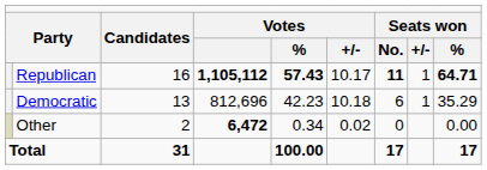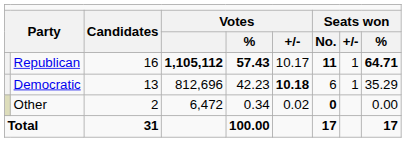 <table class="wikitable">
 <tr>
 <td colspan="12" align="center"></td>
 </tr>
 <tr>
 <th rowspan="2" colspan="2">Party</th>
 <th rowspan="2">Candidates</th>
 <th colspan="3">Votes</th>
 <th colspan="3">Seats won</th>
 </tr>
 <tr>
 <th></th>
 <th>%</th>
 <th>+/-</th>
 <th>No.</th>
 <th>+/-</th>
 <th>%</th>
 </tr>
 <tr>
 <th style="background-color:"></th>
 <td><a href='#'>Republican</a></td>
 <td align="right">16</td>
 <td align="right"><strong>1,105,112</strong></td>
 <td align="right"><strong>57.43</strong></td>
 <td align="right"> 10.17</td>
 <td align="right"><strong>11</strong></td>
 <td align="right"> 1</td>
 <td align="right"><strong>64.71</strong></td>
 </tr>
 <tr>
 <th style="background-color:"></th>
 <td><a href='#'>Democratic</a></td>
 <td align="right">13</td>
 <td align="right">812,696</td>
 <td align="right">42.23</td>
-<td align="right"> 10.18</td>
+<td align="right"><strong> 10.18</strong></td>
 <td align="right">6</td>
 <td align="right"> 1</td>
 <td align="right">35.29</td>
 </tr>
 <tr>
 <th style="background-color:#DDDDBB"></th>
 <td>Other</td>
 <td align="right">2</td>
-<td align="right"><strong>6,472</strong></td>
+<td align="right">6,472</td>
 <td align="right">0.34</td>
 <td align="right"> 0.02</td>
-<td align="right">0</td>
+<td align="right"><strong>0</strong></td>
 <td align="right"></td>
 <td align="right">0.00</td>
 </tr>
 <tr>
 <td colspan="2" align="left"><strong>Total</strong></td>
 <td align="right"><strong>31</strong></td>
 <td align="right"></td>
 <td align="right"><strong>100.00</strong></td>
 <td></td>
 <td align="right"><strong>17</strong></td>
 <td align="right"></td>
 <td align="right"><strong>17</strong></td>
 </tr>
 </table>
